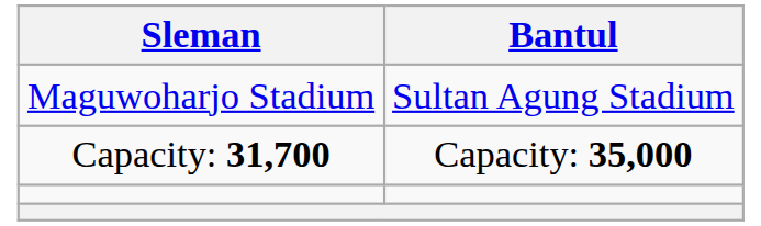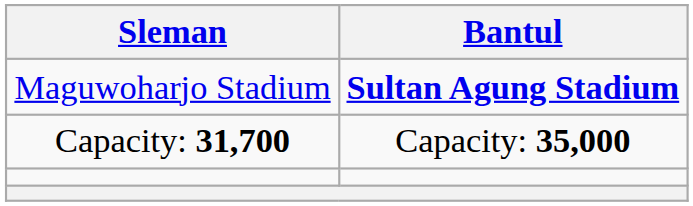 <table class="wikitable" style="margin:1em auto; text-align:center">
 <tr>
 <th><a href='#'>Sleman</a></th>
 <th><a href='#'>Bantul</a></th>
 </tr>
 <tr>
 <td><a href='#'>Maguwoharjo Stadium</a></td>
-<td><a href='#'>Sultan Agung Stadium</a></td>
+<td><strong><a href='#'>Sultan Agung Stadium</a></strong></td>
 </tr>
 <tr>
 <td>Capacity: <strong>31,700</strong></td>
 <td>Capacity: <strong>35,000</strong></td>
 </tr>
 <tr>
 <td></td>
 <td></td>
 </tr>
 <tr>
 <th colspan=2></th>
 </tr>
 </table>
